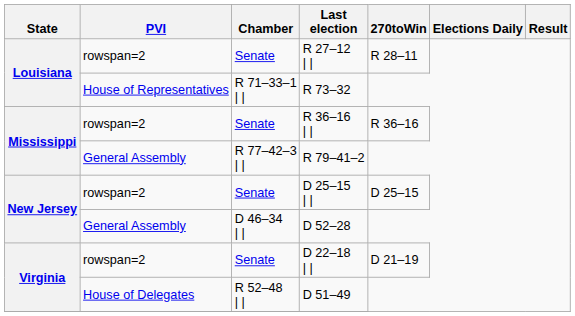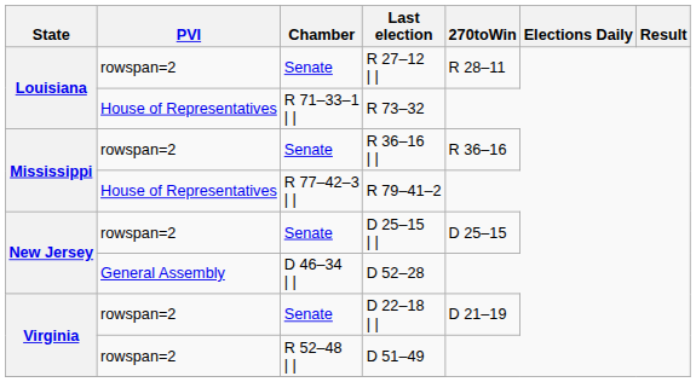 <table class="wikitable sortable" style="font-size:90%;">
 <tr style="vertical-align:bottom">
 <th>State</th>
 <th><a href='#'>PVI</a></th>
 <th>Chamber</th>
 <th data-sort-type="number">Last<br>election</th>
 <th>270toWin<br></th>
 <th>Elections Daily<br></th>
 <th>Result</th>
 </tr>
 <tr>
 <th rowspan=2><a href='#'>Louisiana</a></th>
 <td>rowspan=2 </td>
 <td><a href='#'>Senate</a></td>
 <td>R 27–12<br>|  | </td>
 <td>R 28–11</td>
 </tr>
 <tr>
 <td><a href='#'>House of Representatives</a></td>
 <td>R 71–33–1<br>|  | </td>
 <td>R 73–32</td>
 </tr>
 <tr>
 <th rowspan=2><a href='#'>Mississippi</a></th>
 <td>rowspan=2 </td>
 <td><a href='#'>Senate</a></td>
 <td>R 36–16<br>|  | </td>
 <td>R 36–16</td>
 </tr>
 <tr>
-<td><a href='#'>General Assembly</a></td>
+<td><a href='#'>House of Representatives</a></td>
 <td>R 77–42–3<br>|  | </td>
 <td>R 79–41–2</td>
 </tr>
 <tr>
 <th rowspan=2><a href='#'>New Jersey</a></th>
 <td>rowspan=2 </td>
 <td><a href='#'>Senate</a></td>
 <td>D 25–15<br>|  | </td>
 <td>D 25–15</td>
 </tr>
 <tr>
 <td><a href='#'>General Assembly</a></td>
 <td>D 46–34<br>|  | </td>
 <td>D 52–28</td>
 </tr>
 <tr>
 <th rowspan=2><a href='#'>Virginia</a></th>
 <td>rowspan=2 </td>
 <td><a href='#'>Senate</a></td>
 <td>D 22–18<br>|  | </td>
 <td>D 21–19</td>
 </tr>
 <tr>
-<td><a href='#'>House of Delegates</a></td>
+<td>rowspan=2 </td>
 <td>R 52–48<br>|  | </td>
 <td>D 51–49</td>
 </tr>
 <tr>
 </tr>
 </table>
